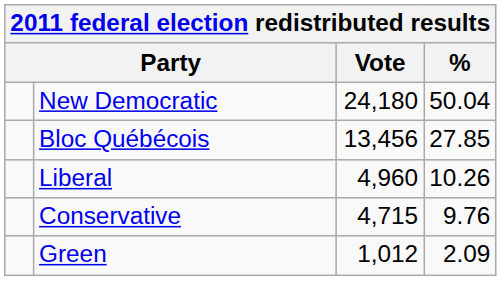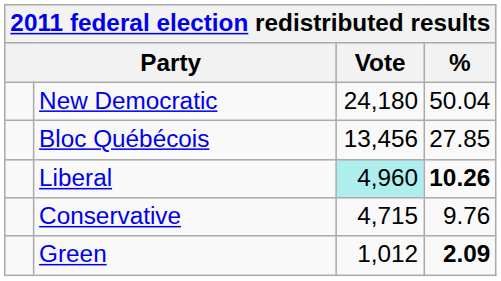 <table class="wikitable">
 <tr>
 <th colspan="4"><a href='#'>2011 federal election</a> redistributed results</th>
 </tr>
 <tr>
 <th bgcolor="#DDDDFF" width="130px" colspan="2">Party</th>
 <th bgcolor="#DDDDFF" width="50px">Vote</th>
 <th bgcolor="#DDDDFF" width="30px">%</th>
 </tr>
 <tr>
 <td> </td>
 <td><a href='#'>New Democratic</a></td>
 <td align=right>24,180</td>
 <td align=right>50.04</td>
 </tr>
 <tr>
 <td> </td>
 <td><a href='#'>Bloc Québécois</a></td>
 <td align=right>13,456</td>
 <td align=right>27.85</td>
 </tr>
 <tr>
 <td> </td>
 <td><a href='#'>Liberal</a></td>
-<td align=right>4,960</td>
-<td align=right>10.26</td>
+<td align=right style="background: paleturquoise;">4,960</td>
+<td align=right><strong>10.26</strong></td>
 </tr>
 <tr>
 <td> </td>
 <td><a href='#'>Conservative</a></td>
 <td align=right>4,715</td>
 <td align=right>9.76</td>
 </tr>
 <tr>
 <td> </td>
 <td><a href='#'>Green</a></td>
 <td align=right>1,012</td>
-<td align=right>2.09</td>
+<td align=right><strong>2.09</strong></td>
 </tr>
 </table>
